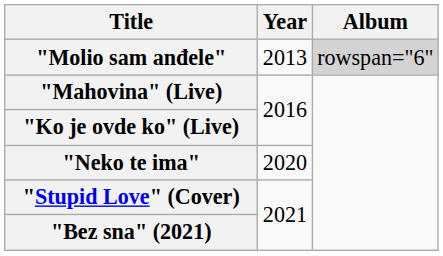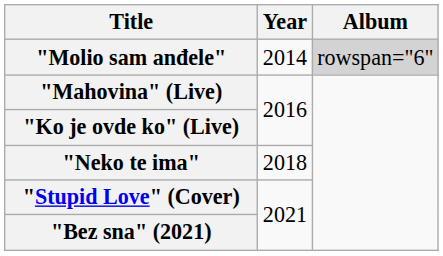 <table class="wikitable plainrowheaders" style="text-align:center;">
 <tr>
 <th scope="col" style="width:11em;">Title</th>
 <th scope="col">Year</th>
 <th scope="col">Album</th>
 </tr>
 <tr>
 <th scope="row">"Molio sam anđele"<br></th>
-<td rowspan="1">2013</td>
+<td rowspan="1">2014</td>
 <td style="background: lightgrey;">rowspan="6" </td>
 </tr>
 <tr>
 <th scope="row">"Mahovina" (Live)</th>
 <td rowspan="2">2016</td>
 </tr>
 <tr>
 <th scope="row">"Ko je ovde ko" (Live)</th>
 </tr>
 <tr>
 <th scope="row">"Neko te ima"</th>
-<td rowspan="1">2020</td>
+<td rowspan="1">2018</td>
 </tr>
 <tr>
 <th scope="row">"<a href='#'>Stupid Love</a>" (Cover)</th>
 <td rowspan="2">2021</td>
 </tr>
 <tr>
 <th scope="row">"Bez sna" (2021)</th>
 </tr>
 </table>
